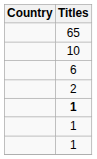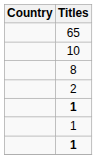 <table class="wikitable sortable">
 <tr>
 <th>Country</th>
 <th>Titles</th>
 </tr>
 <tr>
 <td></td>
 <td align="center">65</td>
 </tr>
 <tr>
 <td></td>
 <td align="center">10</td>
 </tr>
 <tr>
 <td></td>
-<td align="center">6</td>
+<td align="center">8</td>
 </tr>
 <tr>
 <td></td>
 <td align="center">2</td>
 </tr>
 <tr>
 <td></td>
 <td align="center"><strong>1</strong></td>
 </tr>
 <tr>
 <td></td>
 <td align="center">1</td>
 </tr>
 <tr>
 <td></td>
-<td align="center">1</td>
+<td align="center"><strong>1</strong></td>
 </tr>
 <tr>
 </tr>
 </table>
